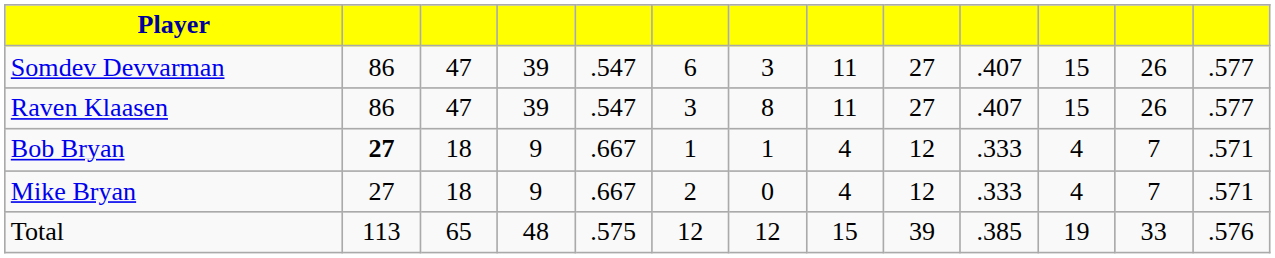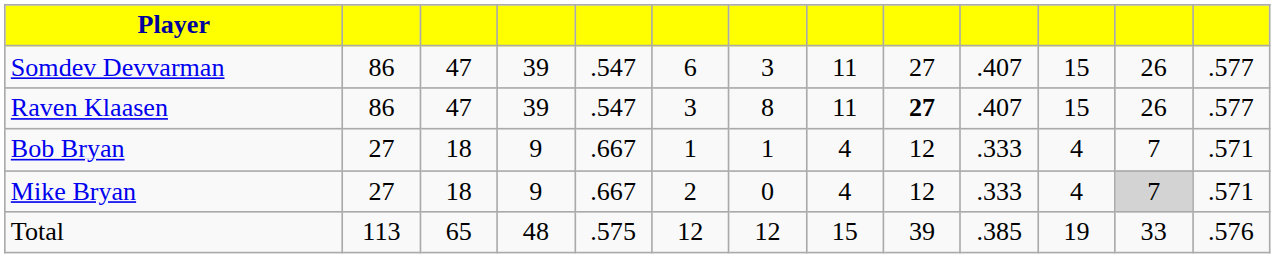 <table class="wikitable" style="text-align:center">
 <tr>
 <th style="background:yellow; color:#00009C" width="200px">Player</th>
 <th style="background:yellow; color:#00009C" width="40px"></th>
 <th style="background:yellow; color:#00009C" width="40px"></th>
 <th style="background:yellow; color:#00009C" width="40px"></th>
 <th style="background:yellow; color:#00009C" width="40px"></th>
 <th style="background:yellow; color:#00009C" width="40px"></th>
 <th style="background:yellow; color:#00009C" width="40px"></th>
 <th style="background:yellow; color:#00009C" width="40px"></th>
 <th style="background:yellow; color:#00009C" width="40px"></th>
 <th style="background:yellow; color:#00009C" width="40px"></th>
 <th style="background:yellow; color:#00009C" width="40px"></th>
 <th style="background:yellow; color:#00009C" width="40px"></th>
 <th style="background:yellow; color:#00009C" width="40px"></th>
 </tr>
 <tr>
 <td style="text-align:left"><a href='#'>Somdev Devvarman</a></td>
 <td>86</td>
 <td>47</td>
 <td>39</td>
 <td>.547</td>
 <td>6</td>
 <td>3</td>
 <td>11</td>
 <td>27</td>
 <td>.407</td>
 <td>15</td>
 <td>26</td>
 <td>.577</td>
 </tr>
 <tr>
 <td style="text-align:left"><a href='#'>Raven Klaasen</a></td>
 <td>86</td>
 <td>47</td>
 <td>39</td>
 <td>.547</td>
 <td>3</td>
 <td>8</td>
 <td>11</td>
-<td>27</td>
+<td><strong>27</strong></td>
 <td>.407</td>
 <td>15</td>
 <td>26</td>
 <td>.577</td>
 </tr>
 <tr>
 <td style="text-align:left"><a href='#'>Bob Bryan</a></td>
-<td><strong>27</strong></td>
+<td>27</td>
 <td>18</td>
 <td>9</td>
 <td>.667</td>
 <td>1</td>
 <td>1</td>
 <td>4</td>
 <td>12</td>
 <td>.333</td>
 <td>4</td>
 <td>7</td>
 <td>.571</td>
 </tr>
 <tr>
 <td style="text-align:left"><a href='#'>Mike Bryan</a></td>
 <td>27</td>
 <td>18</td>
 <td>9</td>
 <td>.667</td>
 <td>2</td>
 <td>0</td>
 <td>4</td>
 <td>12</td>
 <td>.333</td>
 <td>4</td>
-<td>7</td>
+<td style="background: lightgrey;">7</td>
 <td>.571</td>
 </tr>
 <tr>
 <td style="text-align:left">Total</td>
 <td>113</td>
 <td>65</td>
 <td>48</td>
 <td>.575</td>
 <td>12</td>
 <td>12</td>
 <td>15</td>
 <td>39</td>
 <td>.385</td>
 <td>19</td>
 <td>33</td>
 <td>.576</td>
 </tr>
 </table>
